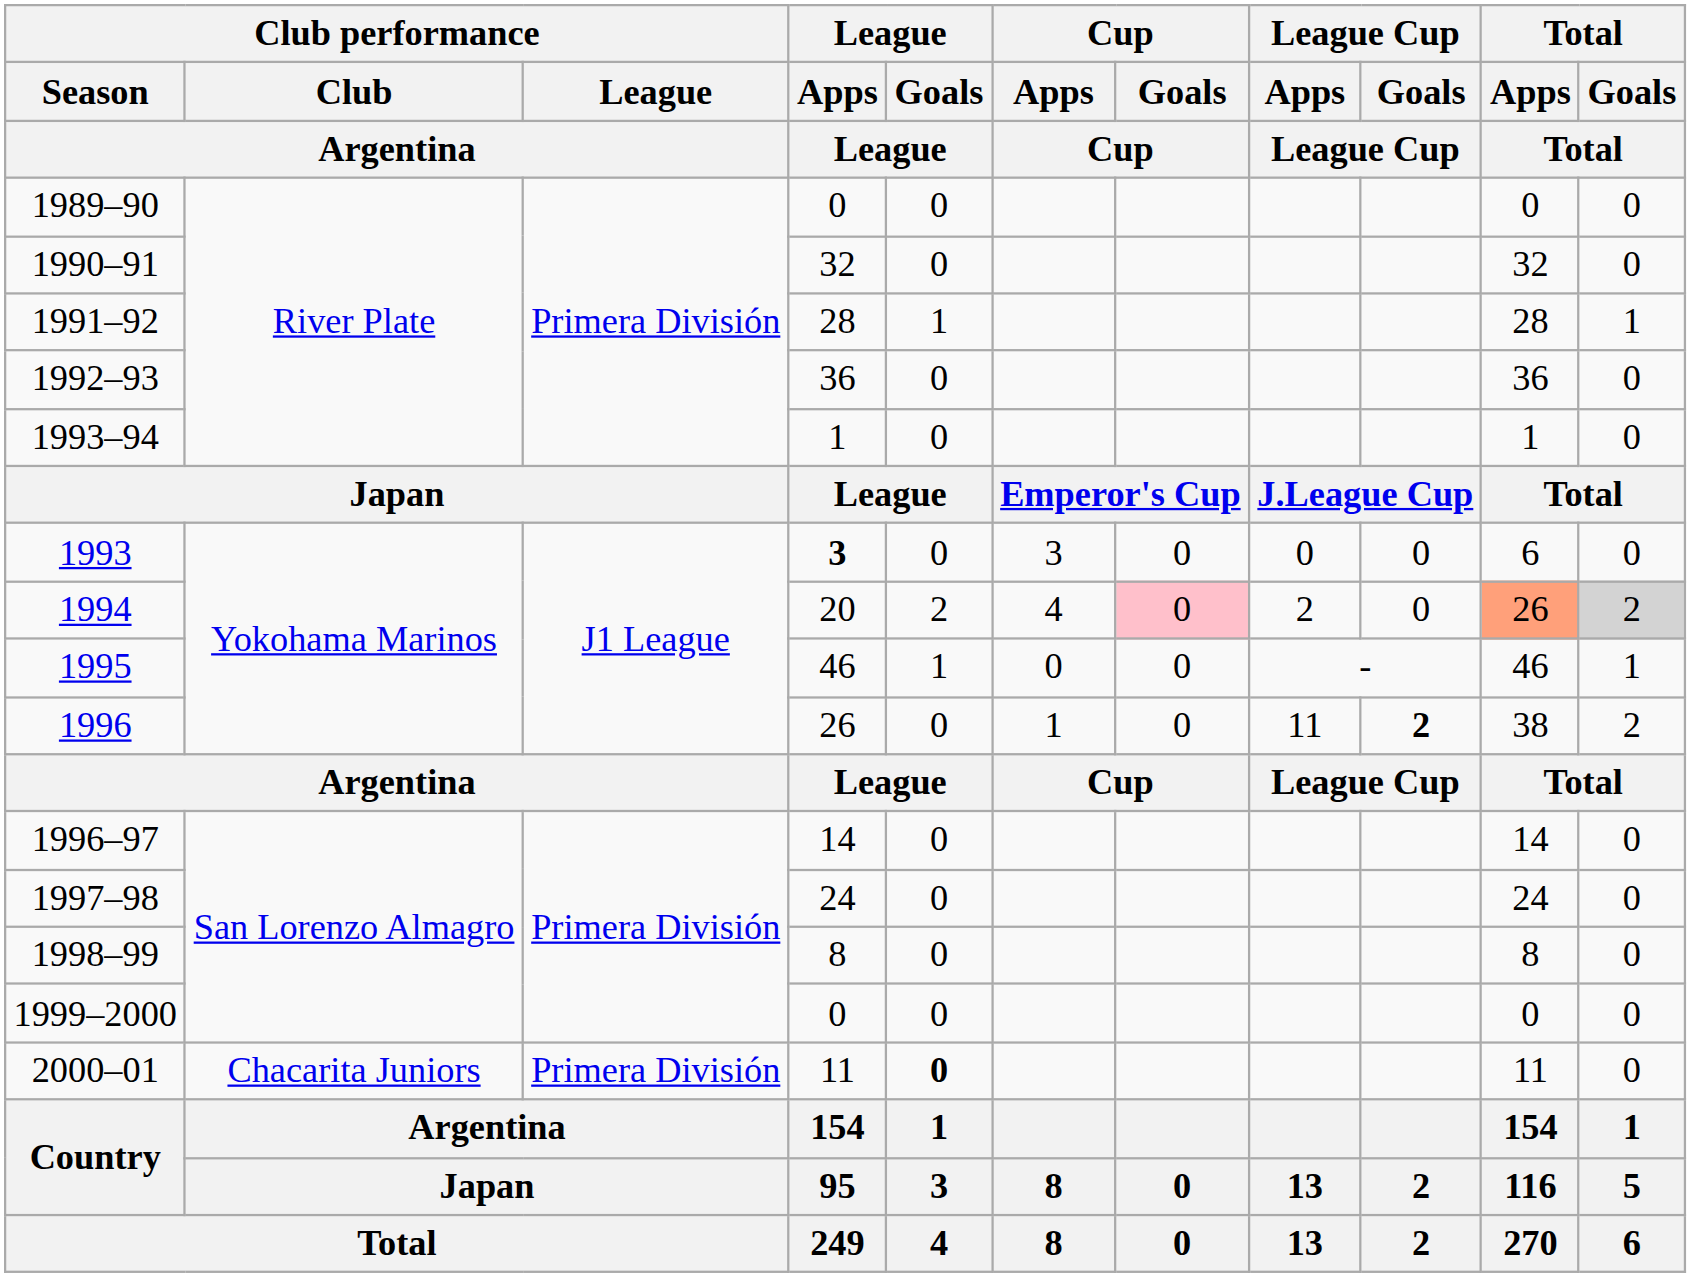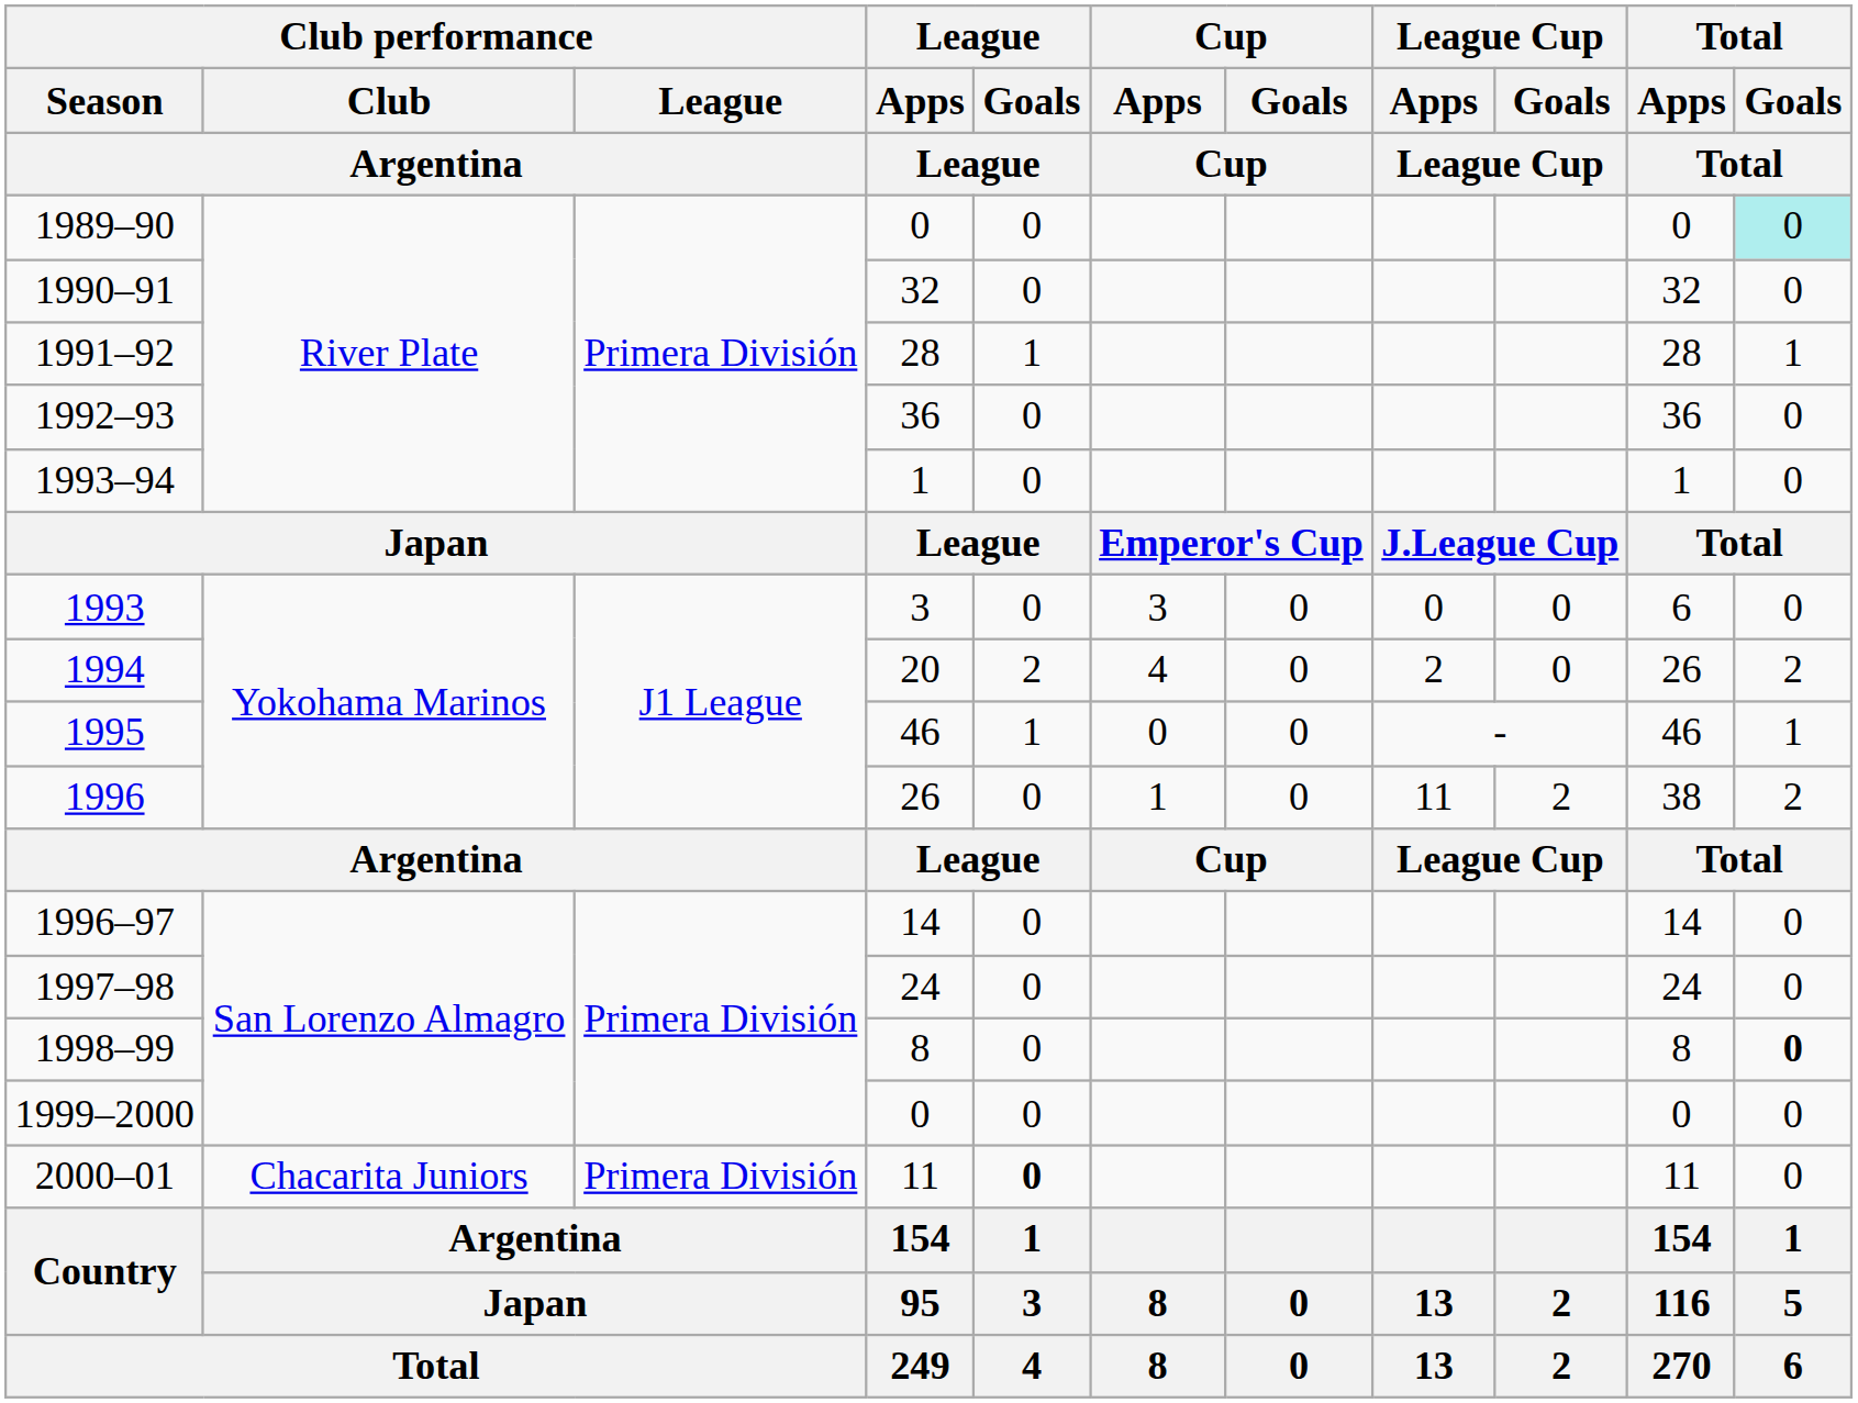 <table class="wikitable" style="text-align:center;">
 <tr>
 <th colspan=3>Club performance</th>
 <th colspan=2>League</th>
 <th colspan=2>Cup</th>
 <th colspan=2>League Cup</th>
 <th colspan=2>Total</th>
 </tr>
 <tr>
 <th>Season</th>
 <th>Club</th>
 <th>League</th>
 <th>Apps</th>
 <th>Goals</th>
 <th>Apps</th>
 <th>Goals</th>
 <th>Apps</th>
 <th>Goals</th>
 <th>Apps</th>
 <th>Goals</th>
 </tr>
 <tr>
 <th colspan=3>Argentina</th>
 <th colspan=2>League</th>
 <th colspan=2>Cup</th>
 <th colspan=2>League Cup</th>
 <th colspan=2>Total</th>
 </tr>
 <tr>
 <td>1989–90</td>
 <td rowspan="5"><a href='#'>River Plate</a></td>
 <td rowspan="5"><a href='#'>Primera División</a></td>
 <td>0</td>
 <td>0</td>
 <td></td>
 <td></td>
 <td></td>
 <td></td>
 <td>0</td>
-<td>0</td>
+<td style="background: paleturquoise;">0</td>
 </tr>
 <tr>
 <td>1990–91</td>
 <td>32</td>
 <td>0</td>
 <td></td>
 <td></td>
 <td></td>
 <td></td>
 <td>32</td>
 <td>0</td>
 </tr>
 <tr>
 <td>1991–92</td>
 <td>28</td>
 <td>1</td>
 <td></td>
 <td></td>
 <td></td>
 <td></td>
 <td>28</td>
 <td>1</td>
 </tr>
 <tr>
 <td>1992–93</td>
 <td>36</td>
 <td>0</td>
 <td></td>
 <td></td>
 <td></td>
 <td></td>
 <td>36</td>
 <td>0</td>
 </tr>
 <tr>
 <td>1993–94</td>
 <td>1</td>
 <td>0</td>
 <td></td>
 <td></td>
 <td></td>
 <td></td>
 <td>1</td>
 <td>0</td>
 </tr>
 <tr>
 <th colspan=3>Japan</th>
 <th colspan=2>League</th>
 <th colspan=2><a href='#'>Emperor's Cup</a></th>
 <th colspan=2><a href='#'>J.League Cup</a></th>
 <th colspan=2>Total</th>
 </tr>
 <tr>
 <td><a href='#'>1993</a></td>
 <td rowspan="4"><a href='#'>Yokohama Marinos</a></td>
 <td rowspan="4"><a href='#'>J1 League</a></td>
-<td><strong>3</strong></td>
+<td>3</td>
 <td>0</td>
 <td>3</td>
 <td>0</td>
 <td>0</td>
 <td>0</td>
 <td>6</td>
 <td>0</td>
 </tr>
 <tr>
 <td><a href='#'>1994</a></td>
 <td>20</td>
 <td>2</td>
 <td>4</td>
-<td style="background: pink;">0</td>
+<td>0</td>
 <td>2</td>
 <td>0</td>
-<td style="background: lightsalmon;">26</td>
-<td style="background: lightgrey;">2</td>
+<td>26</td>
+<td>2</td>
 </tr>
 <tr>
 <td><a href='#'>1995</a></td>
 <td>46</td>
 <td>1</td>
 <td>0</td>
 <td>0</td>
 <td colspan="2">-</td>
 <td>46</td>
 <td>1</td>
 </tr>
 <tr>
 <td><a href='#'>1996</a></td>
 <td>26</td>
 <td>0</td>
 <td>1</td>
 <td>0</td>
 <td>11</td>
-<td><strong>2</strong></td>
+<td>2</td>
 <td>38</td>
 <td>2</td>
 </tr>
 <tr>
 <th colspan=3>Argentina</th>
 <th colspan=2>League</th>
 <th colspan=2>Cup</th>
 <th colspan=2>League Cup</th>
 <th colspan=2>Total</th>
 </tr>
 <tr>
 <td>1996–97</td>
 <td rowspan="4"><a href='#'>San Lorenzo Almagro</a></td>
 <td rowspan="4"><a href='#'>Primera División</a></td>
 <td>14</td>
 <td>0</td>
 <td></td>
 <td></td>
 <td></td>
 <td></td>
 <td>14</td>
 <td>0</td>
 </tr>
 <tr>
 <td>1997–98</td>
 <td>24</td>
 <td>0</td>
 <td></td>
 <td></td>
 <td></td>
 <td></td>
 <td>24</td>
 <td>0</td>
 </tr>
 <tr>
 <td>1998–99</td>
 <td>8</td>
 <td>0</td>
 <td></td>
 <td></td>
 <td></td>
 <td></td>
 <td>8</td>
-<td>0</td>
+<td><strong>0</strong></td>
 </tr>
 <tr>
 <td>1999–2000</td>
 <td>0</td>
 <td>0</td>
 <td></td>
 <td></td>
 <td></td>
 <td></td>
 <td>0</td>
 <td>0</td>
 </tr>
 <tr>
 <td>2000–01</td>
 <td><a href='#'>Chacarita Juniors</a></td>
 <td><a href='#'>Primera División</a></td>
 <td>11</td>
 <td><strong>0</strong></td>
 <td></td>
 <td></td>
 <td></td>
 <td></td>
 <td>11</td>
 <td>0</td>
 </tr>
 <tr>
 <th rowspan=2>Country</th>
 <th colspan=2>Argentina</th>
 <th>154</th>
 <th>1</th>
 <th></th>
 <th></th>
 <th></th>
 <th></th>
 <th>154</th>
 <th>1</th>
 </tr>
 <tr>
 <th colspan=2>Japan</th>
 <th>95</th>
 <th>3</th>
 <th>8</th>
 <th>0</th>
 <th>13</th>
 <th>2</th>
 <th>116</th>
 <th>5</th>
 </tr>
 <tr>
 <th colspan=3>Total</th>
 <th>249</th>
 <th>4</th>
 <th>8</th>
 <th>0</th>
 <th>13</th>
 <th>2</th>
 <th>270</th>
 <th>6</th>
 </tr>
 </table>
